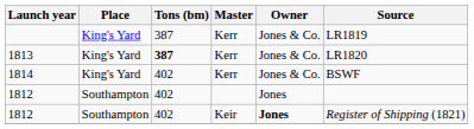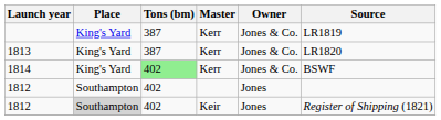 <table class="sortable wikitable">
 <tr>
 <th>Launch year</th>
 <th>Place</th>
 <th>Tons (bm)</th>
 <th>Master</th>
 <th>Owner</th>
 <th>Source</th>
 </tr>
 <tr>
 <td></td>
 <td><a href='#'>King's Yard</a></td>
 <td>387</td>
 <td>Kerr</td>
 <td>Jones & Co.</td>
 <td>LR1819</td>
 </tr>
 <tr>
 <td>1813</td>
 <td>King's Yard</td>
-<td><strong>387</strong></td>
+<td>387</td>
 <td>Kerr</td>
 <td>Jones & Co.</td>
 <td>LR1820</td>
 </tr>
 <tr>
 <td>1814</td>
 <td>King's Yard</td>
-<td>402</td>
+<td style="background: lightgreen;">402</td>
 <td>Kerr</td>
 <td>Jones & Co.</td>
 <td>BSWF</td>
 </tr>
 <tr>
 <td>1812</td>
 <td>Southampton</td>
 <td>402</td>
 <td></td>
 <td>Jones</td>
 <td></td>
 </tr>
 <tr>
 <td>1812</td>
-<td>Southampton</td>
+<td style="background: lightgrey;">Southampton</td>
 <td>402</td>
 <td>Keir</td>
-<td><strong>Jones</strong></td>
+<td>Jones</td>
 <td><em>Register of Shipping</em> (1821)</td>
 </tr>
 <tr>
 </tr>
 </table>
